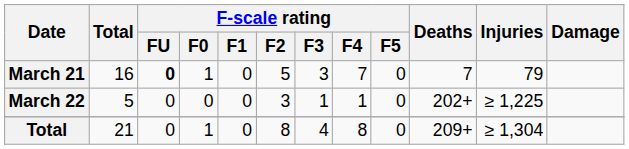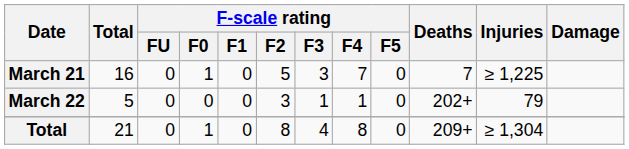 <table class="wikitable sortable" style="margin: 1em auto 1em auto;">
 <tr>
 <th scope="col" rowspan="2">Date</th>
 <th scope="col" rowspan="2" align="center">Total</th>
 <th scope="col" colspan="7" align="center"><a href='#'>F-scale</a> rating</th>
 <th scope="col" rowspan="2" align="center">Deaths</th>
 <th scope="col" rowspan="2" align="center">Injuries</th>
 <th scope="col" rowspan="2" align="center">Damage</th>
 </tr>
 <tr>
 <th scope="col" align="center"> FU </th>
 <th scope="col" align="center"> F0 </th>
 <th scope="col" align="center"> F1 </th>
 <th scope="col" align="center"> F2 </th>
 <th scope="col" align="center"> F3 </th>
 <th scope="col" align="center"> F4 </th>
 <th scope="col" align="center"> F5 </th>
 </tr>
 <tr>
 <th scope="row">March 21</th>
 <td align="right">16</td>
-<td align="right"><strong>0</strong></td>
+<td align="right">0</td>
 <td align="right">1</td>
 <td align="right">0</td>
 <td align="right">5</td>
 <td align="right">3</td>
 <td align="right">7</td>
 <td align="right">0</td>
 <td align="right">7</td>
-<td align="right">79</td>
+<td align="right">≥ 1,225</td>
 <td align="right"></td>
 </tr>
 <tr>
 <th scope="row">March 22</th>
 <td align="right">5</td>
 <td align="right">0</td>
 <td align="right">0</td>
 <td align="right">0</td>
 <td align="right">3</td>
 <td align="right">1</td>
 <td align="right">1</td>
 <td align="right">0</td>
 <td align="right">202+</td>
-<td align="right">≥ 1,225</td>
+<td align="right">79</td>
 <td align="right"></td>
 </tr>
 <tr>
 </tr>
 <tr class="sortbottom">
 <th scope="row">Total</th>
 <td align="right">21</td>
 <td align="right">0</td>
 <td align="right">1</td>
 <td align="right">0</td>
 <td align="right">8</td>
 <td align="right">4</td>
 <td align="right">8</td>
 <td align="right">0</td>
 <td align="right">209+</td>
 <td align="right">≥ 1,304</td>
 <td align="right"></td>
 </tr>
 </table>
